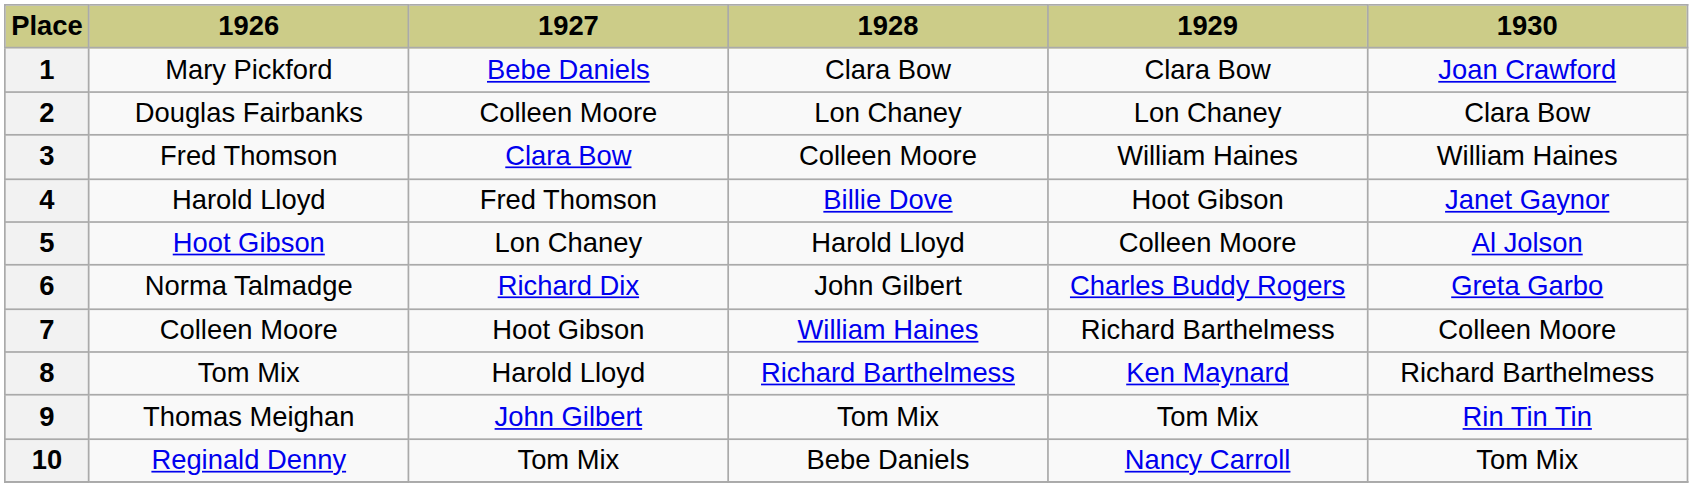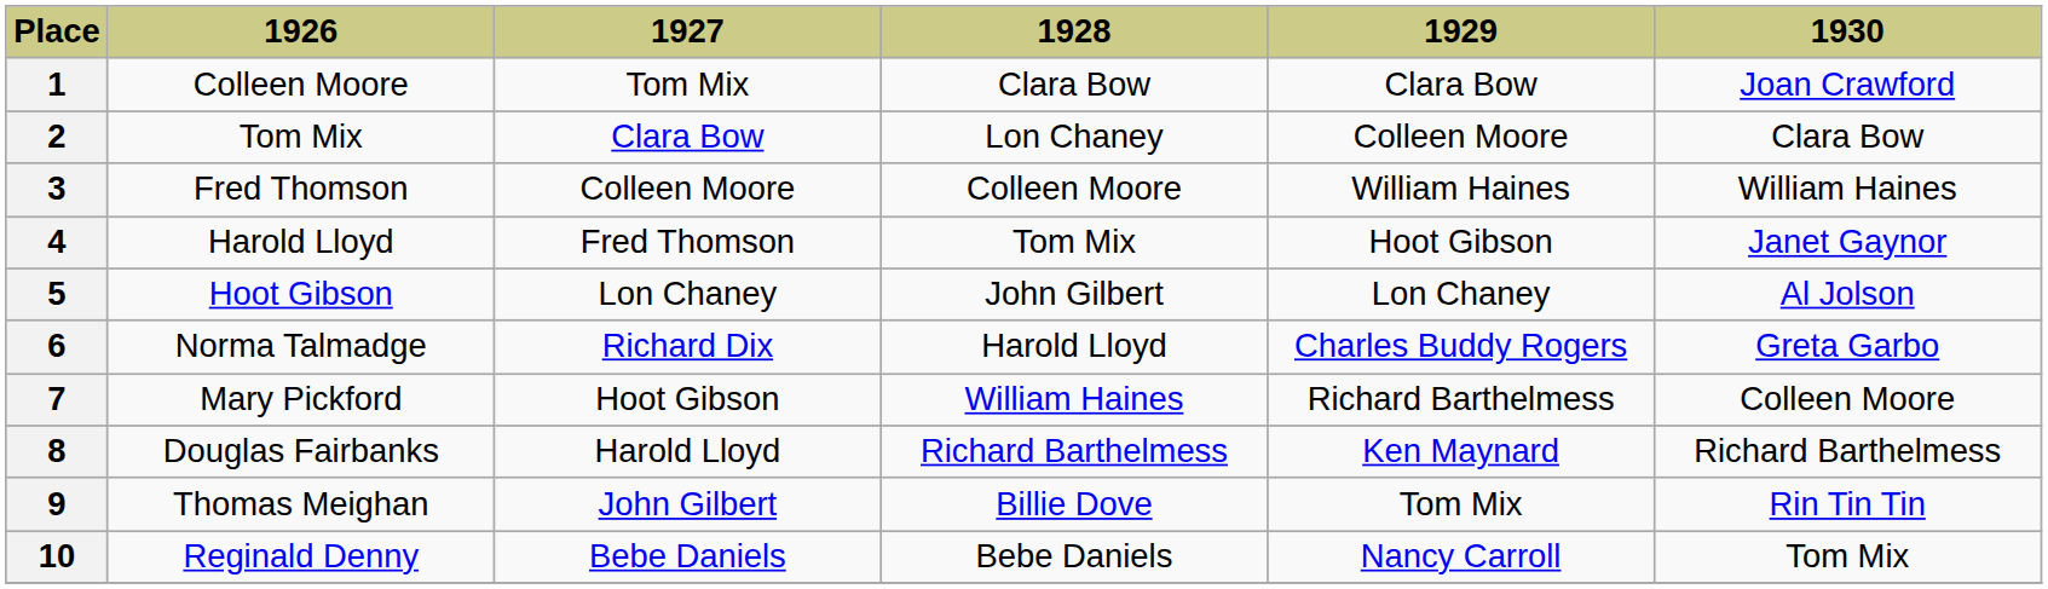 <table class="wikitable" style="text-align:center">
 <tr>
 <th scope="col" style="background:#CC8" width="5%">Place</th>
 <th scope="col" style="background:#CC8" width="19%">1926</th>
 <th scope="col" style="background:#CC8" width="19%">1927</th>
 <th scope="col" style="background:#CC8" width="19%">1928</th>
 <th scope="col" style="background:#CC8" width="19%">1929</th>
 <th scope="col" style="background:#CC8" width="19%">1930</th>
 </tr>
 <tr>
 <th scope="row">1</th>
-<td>Mary Pickford</td>
-<td><a href='#'>Bebe Daniels</a></td>
+<td>Colleen Moore</td>
+<td>Tom Mix</td>
 <td>Clara Bow</td>
 <td>Clara Bow</td>
 <td><a href='#'>Joan Crawford</a></td>
 </tr>
 <tr>
 <th scope="row">2</th>
-<td>Douglas Fairbanks</td>
+<td>Tom Mix</td>
+<td><a href='#'>Clara Bow</a></td>
+<td>Lon Chaney</td>
 <td>Colleen Moore</td>
-<td>Lon Chaney</td>
-<td>Lon Chaney</td>
 <td>Clara Bow</td>
 </tr>
 <tr>
 <th scope="row">3</th>
 <td>Fred Thomson</td>
-<td><a href='#'>Clara Bow</a></td>
+<td>Colleen Moore</td>
 <td>Colleen Moore</td>
 <td>William Haines</td>
 <td>William Haines</td>
 </tr>
 <tr>
 <th scope="row">4</th>
 <td>Harold Lloyd</td>
 <td>Fred Thomson</td>
-<td><a href='#'>Billie Dove</a></td>
+<td>Tom Mix</td>
 <td>Hoot Gibson</td>
 <td><a href='#'>Janet Gaynor</a></td>
 </tr>
 <tr>
 <th scope="row">5</th>
 <td><a href='#'>Hoot Gibson</a></td>
 <td>Lon Chaney</td>
-<td>Harold Lloyd</td>
-<td>Colleen Moore</td>
+<td>John Gilbert</td>
+<td>Lon Chaney</td>
 <td><a href='#'>Al Jolson</a></td>
 </tr>
 <tr>
 <th scope="row">6</th>
 <td>Norma Talmadge</td>
 <td><a href='#'>Richard Dix</a></td>
-<td>John Gilbert</td>
+<td>Harold Lloyd</td>
 <td><a href='#'>Charles Buddy Rogers</a></td>
 <td><a href='#'>Greta Garbo</a></td>
 </tr>
 <tr>
 <th scope="row">7</th>
-<td>Colleen Moore</td>
+<td>Mary Pickford</td>
 <td>Hoot Gibson</td>
 <td><a href='#'>William Haines</a></td>
 <td>Richard Barthelmess</td>
 <td>Colleen Moore</td>
 </tr>
 <tr>
 <th scope="row">8</th>
-<td>Tom Mix</td>
+<td>Douglas Fairbanks</td>
 <td>Harold Lloyd</td>
 <td><a href='#'>Richard Barthelmess</a></td>
 <td><a href='#'>Ken Maynard</a></td>
 <td>Richard Barthelmess</td>
 </tr>
 <tr>
 <th scope="row">9</th>
 <td>Thomas Meighan</td>
 <td><a href='#'>John Gilbert</a></td>
-<td>Tom Mix</td>
+<td><a href='#'>Billie Dove</a></td>
 <td>Tom Mix</td>
 <td><a href='#'>Rin Tin Tin</a></td>
 </tr>
 <tr>
 <th scope="row">10</th>
 <td><a href='#'>Reginald Denny</a></td>
-<td>Tom Mix</td>
+<td><a href='#'>Bebe Daniels</a></td>
 <td>Bebe Daniels</td>
 <td><a href='#'>Nancy Carroll</a></td>
 <td>Tom Mix</td>
 </tr>
 <tr>
 </tr>
 </table>
